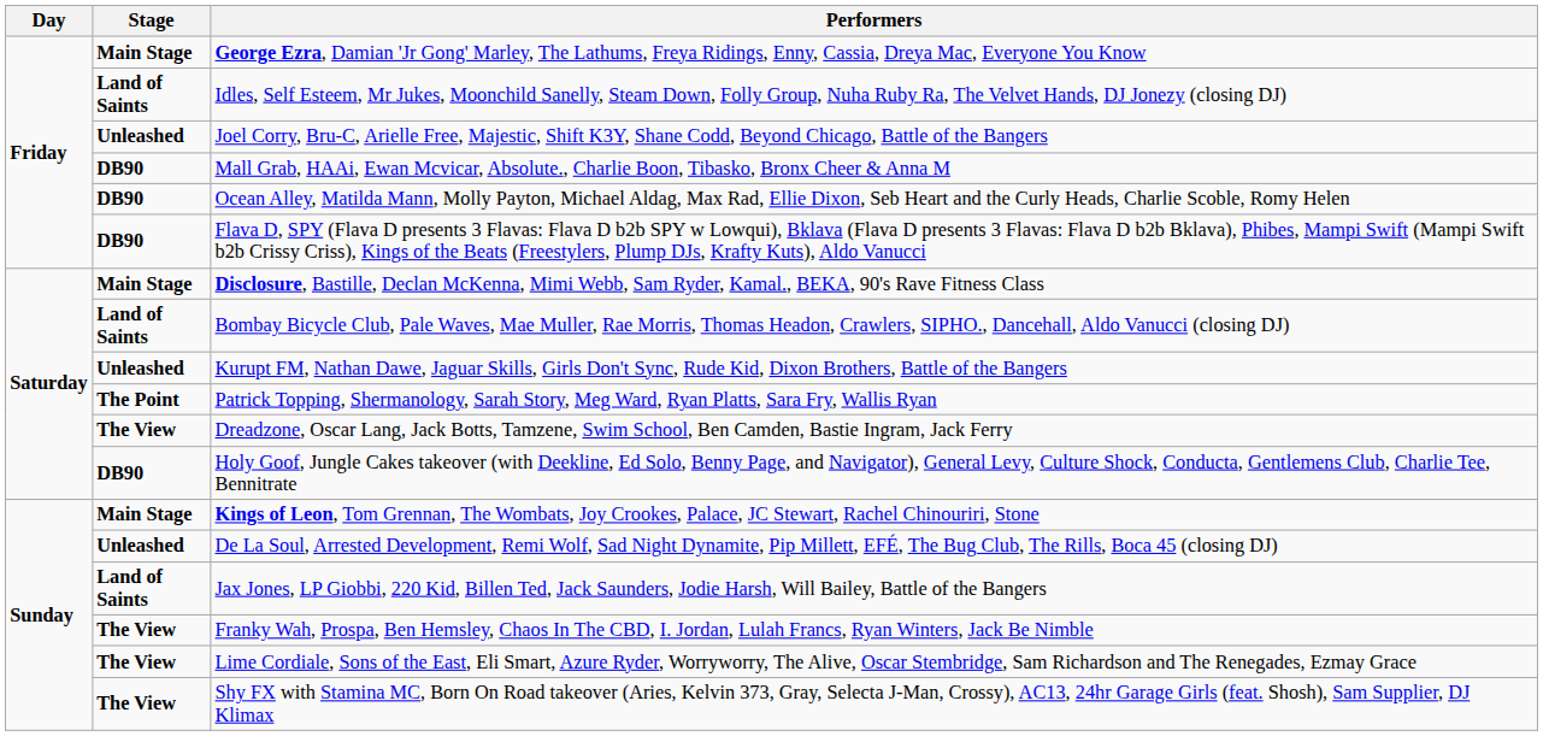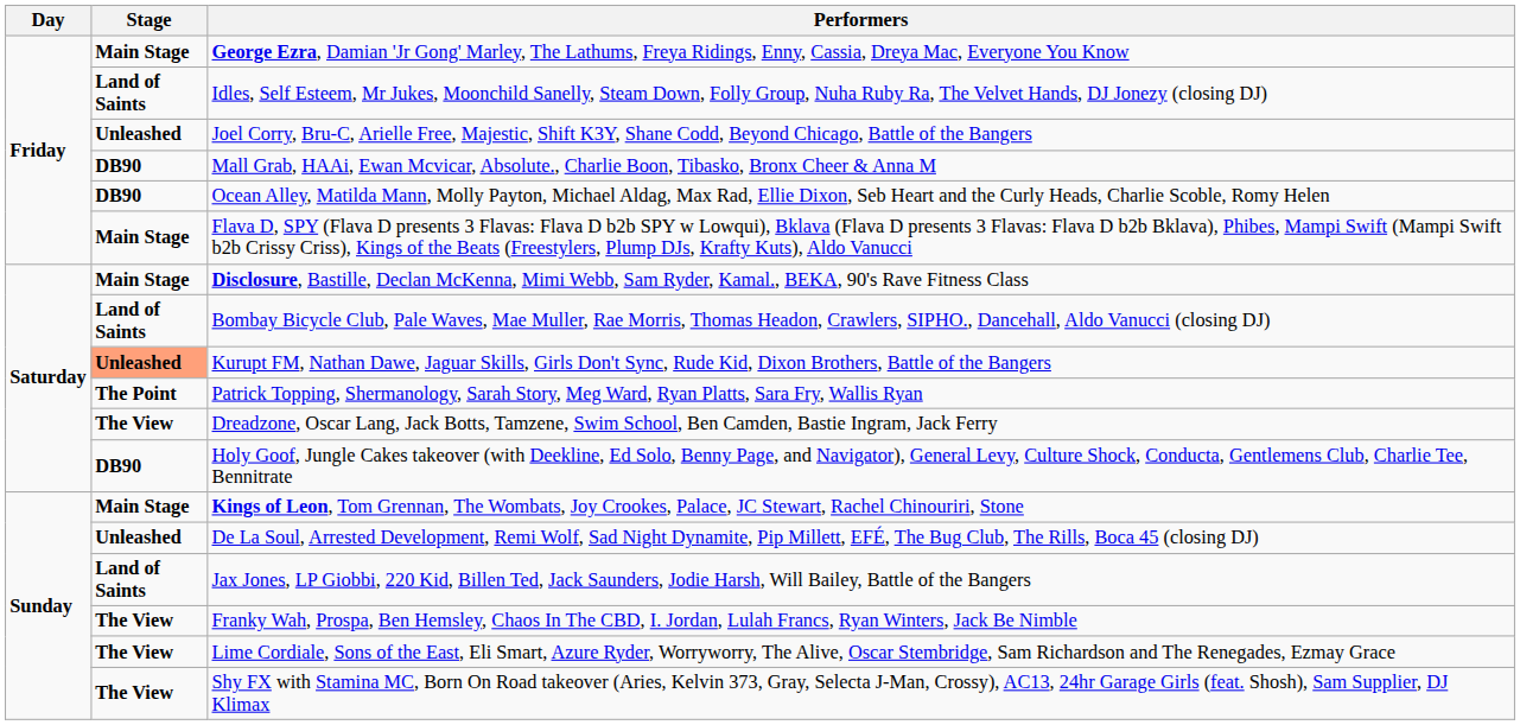 <table class="wikitable">
 <tr>
 <th><strong>Day</strong></th>
 <th><strong>Stage</strong></th>
 <th><strong>Performers</strong></th>
 </tr>
 <tr>
 <td rowspan="6"><strong>Friday</strong></td>
 <td><strong>Main Stage</strong></td>
 <td><strong><a href='#'>George Ezra</a></strong>, <a href='#'>Damian 'Jr Gong' Marley</a>, <a href='#'>The Lathums</a>, <a href='#'>Freya Ridings</a>, <a href='#'>Enny</a>, <a href='#'>Cassia</a>, <a href='#'>Dreya Mac</a>, <a href='#'>Everyone You Know</a></td>
 </tr>
 <tr>
 <td><strong>Land of Saints</strong></td>
 <td><a href='#'>Idles</a>, <a href='#'>Self Esteem</a>, <a href='#'>Mr Jukes</a>, <a href='#'>Moonchild Sanelly</a>, <a href='#'>Steam Down</a>, <a href='#'>Folly Group</a>, <a href='#'>Nuha Ruby Ra</a>, <a href='#'>The Velvet Hands</a>, <a href='#'>DJ Jonezy</a> (closing DJ)</td>
 </tr>
 <tr>
 <td><strong>Unleashed</strong></td>
 <td><a href='#'>Joel Corry</a>, <a href='#'>Bru-C</a>, <a href='#'>Arielle Free</a>, <a href='#'>Majestic</a>, <a href='#'>Shift K3Y</a>, <a href='#'>Shane Codd</a>, <a href='#'>Beyond Chicago</a>, <a href='#'>Battle of the Bangers</a></td>
 </tr>
 <tr>
 <td><strong>DB90</strong></td>
 <td><a href='#'>Mall Grab</a>, <a href='#'>HAAi</a>, <a href='#'>Ewan Mcvicar</a>, <a href='#'>Absolute.</a>, <a href='#'>Charlie Boon</a>, <a href='#'>Tibasko</a>, <a href='#'>Bronx Cheer & Anna M</a></td>
 </tr>
 <tr>
 <td><strong>DB90</strong></td>
 <td><a href='#'>Ocean Alley</a>, <a href='#'>Matilda Mann</a>, Molly Payton, Michael Aldag, Max Rad, <a href='#'>Ellie Dixon</a>, Seb Heart and the Curly Heads, Charlie Scoble, Romy Helen</td>
 </tr>
 <tr>
-<td><strong>DB90</strong></td>
+<td><strong>Main Stage</strong></td>
 <td><a href='#'>Flava D</a>, <a href='#'>SPY</a> (Flava D presents 3 Flavas: Flava D b2b SPY w Lowqui), <a href='#'>Bklava</a> (Flava D presents 3 Flavas: Flava D b2b Bklava), <a href='#'>Phibes</a>, <a href='#'>Mampi Swift</a> (Mampi Swift b2b Crissy Criss), <a href='#'>Kings of the Beats</a> (<a href='#'>Freestylers</a>, <a href='#'>Plump DJs</a>, <a href='#'>Krafty Kuts</a>), <a href='#'>Aldo Vanucci</a></td>
 </tr>
 <tr>
 <td rowspan="6"><strong>Saturday</strong></td>
 <td><strong>Main Stage</strong></td>
 <td><strong><a href='#'>Disclosure</a></strong>, <a href='#'>Bastille</a>, <a href='#'>Declan McKenna</a>, <a href='#'>Mimi Webb</a>, <a href='#'>Sam Ryder</a>, <a href='#'>Kamal.</a>, <a href='#'>BEKA</a>, 90's Rave Fitness Class</td>
 </tr>
 <tr>
 <td><strong>Land of Saints</strong></td>
 <td><a href='#'>Bombay Bicycle Club</a>, <a href='#'>Pale Waves</a>, <a href='#'>Mae Muller</a>, <a href='#'>Rae Morris</a>, <a href='#'>Thomas Headon</a>, <a href='#'>Crawlers</a>, <a href='#'>SIPHO.</a>, <a href='#'>Dancehall</a>, <a href='#'>Aldo Vanucci</a> (closing DJ)</td>
 </tr>
 <tr>
-<td><strong>Unleashed</strong></td>
+<td style="background: lightsalmon;"><strong>Unleashed</strong></td>
 <td><a href='#'>Kurupt FM</a>, <a href='#'>Nathan Dawe</a>, <a href='#'>Jaguar Skills</a>, <a href='#'>Girls Don't Sync</a>, <a href='#'>Rude Kid</a>, <a href='#'>Dixon Brothers</a>, <a href='#'>Battle of the Bangers</a></td>
 </tr>
 <tr>
 <td><strong>The Point</strong></td>
 <td><a href='#'>Patrick Topping</a>, <a href='#'>Shermanology</a>, <a href='#'>Sarah Story</a>, <a href='#'>Meg Ward</a>, <a href='#'>Ryan Platts</a>, <a href='#'>Sara Fry</a>, <a href='#'>Wallis Ryan</a></td>
 </tr>
 <tr>
 <td><strong>The View</strong></td>
 <td><a href='#'>Dreadzone</a>, Oscar Lang, Jack Botts, Tamzene, <a href='#'>Swim School</a>, Ben Camden, Bastie Ingram, Jack Ferry</td>
 </tr>
 <tr>
 <td><strong>DB90</strong></td>
 <td><a href='#'>Holy Goof</a>, Jungle Cakes takeover (with <a href='#'>Deekline</a>, <a href='#'>Ed Solo</a>, <a href='#'>Benny Page</a>, and <a href='#'>Navigator</a>), <a href='#'>General Levy</a>, <a href='#'>Culture Shock</a>, <a href='#'>Conducta</a>, <a href='#'>Gentlemens Club</a>, <a href='#'>Charlie Tee</a>, Bennitrate</td>
 </tr>
 <tr>
 <td rowspan="6"><strong>Sunday</strong></td>
 <td><strong>Main Stage</strong></td>
 <td><strong><a href='#'>Kings of Leon</a></strong>, <a href='#'>Tom Grennan</a>, <a href='#'>The Wombats</a>, <a href='#'>Joy Crookes</a>, <a href='#'>Palace</a>, <a href='#'>JC Stewart</a>, <a href='#'>Rachel Chinouriri</a>, <a href='#'>Stone</a></td>
 </tr>
 <tr>
 <td><strong>Unleashed</strong></td>
 <td><a href='#'>De La Soul</a>, <a href='#'>Arrested Development</a>, <a href='#'>Remi Wolf</a>, <a href='#'>Sad Night Dynamite</a>, <a href='#'>Pip Millett</a>, <a href='#'>EFÉ</a>, <a href='#'>The Bug Club</a>, <a href='#'>The Rills</a>, <a href='#'>Boca 45</a> (closing DJ)</td>
 </tr>
 <tr>
 <td><strong>Land of Saints</strong></td>
 <td><a href='#'>Jax Jones</a>, <a href='#'>LP Giobbi</a>, <a href='#'>220 Kid</a>, <a href='#'>Billen Ted</a>, <a href='#'>Jack Saunders</a>, <a href='#'>Jodie Harsh</a>, Will Bailey, Battle of the Bangers</td>
 </tr>
 <tr>
 <td><strong>The View</strong></td>
 <td><a href='#'>Franky Wah</a>, <a href='#'>Prospa</a>, <a href='#'>Ben Hemsley</a>, <a href='#'>Chaos In The CBD</a>, <a href='#'>I. Jordan</a>, <a href='#'>Lulah Francs</a>, <a href='#'>Ryan Winters</a>, <a href='#'>Jack Be Nimble</a></td>
 </tr>
 <tr>
 <td><strong>The View</strong></td>
 <td><a href='#'>Lime Cordiale</a>, <a href='#'>Sons of the East</a>, Eli Smart, <a href='#'>Azure Ryder</a>, Worryworry, The Alive, <a href='#'>Oscar Stembridge</a>, Sam Richardson and The Renegades, Ezmay Grace</td>
 </tr>
 <tr>
 <td><strong>The View</strong></td>
 <td><a href='#'>Shy FX</a> with <a href='#'>Stamina MC</a>, Born On Road takeover (Aries, Kelvin 373, Gray, Selecta J-Man, Crossy), <a href='#'>AC13</a>, <a href='#'>24hr Garage Girls</a> (<a href='#'>feat.</a> Shosh), <a href='#'>Sam Supplier</a>, <a href='#'>DJ Klimax</a></td>
 </tr>
 </table>
